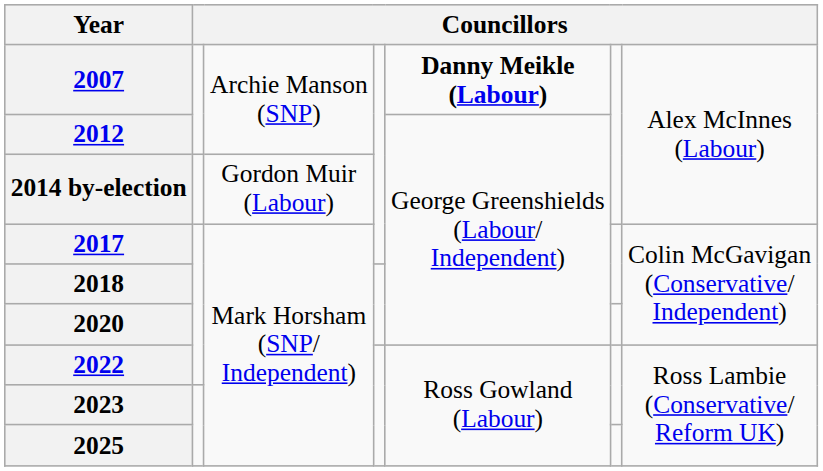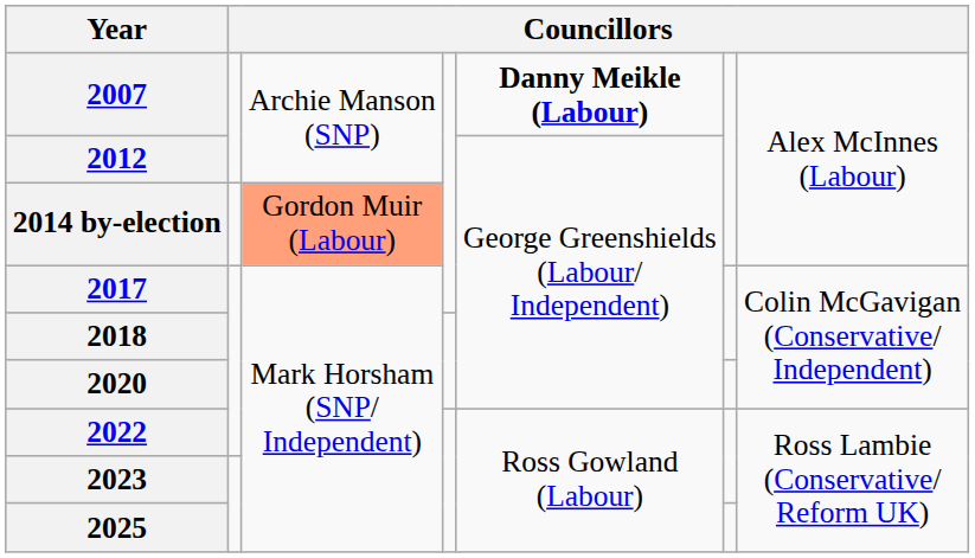 <table class="wikitable" style="text-align:center">
 <tr>
 <th>Year</th>
 <th colspan=8>Councillors</th>
 </tr>
 <tr>
 <th><a href='#'>2007</a></th>
 <td rowspan=2; style="background-color: "></td>
 <td rowspan=2>Archie Manson<br>(<a href='#'>SNP</a>)</td>
 <td rowspan=4; style="background-color: "></td>
 <td><strong>Danny Meikle<br>(<a href='#'>Labour</a>)</strong></td>
 <td rowspan=3; style="background-color: "></td>
 <td rowspan=3>Alex McInnes<br>(<a href='#'>Labour</a>)</td>
 </tr>
 <tr>
 <th><a href='#'>2012</a></th>
 <td rowspan=5>George Greenshields<br>(<a href='#'>Labour</a>/<br><a href='#'>Independent</a>)</td>
 </tr>
 <tr>
 <th>2014 by-election</th>
 <td style="background-color: "></td>
-<td>Gordon Muir<br>(<a href='#'>Labour</a>)</td>
+<td style="background: lightsalmon;">Gordon Muir<br>(<a href='#'>Labour</a>)</td>
 </tr>
 <tr>
 <th><a href='#'>2017</a></th>
 <td rowspan=4; style="background-color: "></td>
 <td rowspan=6>Mark Horsham<br>(<a href='#'>SNP</a>/<br><a href='#'>Independent</a>)</td>
 <td rowspan=2; style="background-color: "></td>
 <td rowspan=3>Colin McGavigan<br>(<a href='#'>Conservative</a>/<br><a href='#'>Independent</a>)</td>
 </tr>
 <tr>
 <th>2018</th>
 <td rowspan=2; style="background-color: "></td>
 </tr>
 <tr>
 <th>2020</th>
 <td style="background-color: "></td>
 </tr>
 <tr>
 <th><a href='#'>2022</a></th>
 <td rowspan=3; style="background-color: "></td>
 <td rowspan=3>Ross Gowland<br>(<a href='#'>Labour</a>)</td>
 <td rowspan=2; style="background-color: "></td>
 <td rowspan=3>Ross Lambie<br>(<a href='#'>Conservative</a>/<br><a href='#'>Reform UK</a>)</td>
 </tr>
 <tr>
 <th>2023</th>
 <td rowspan=2; style="background-color: "></td>
 </tr>
 <tr>
 <th>2025</th>
 <td style="background-color: "></td>
 </tr>
 </table>
